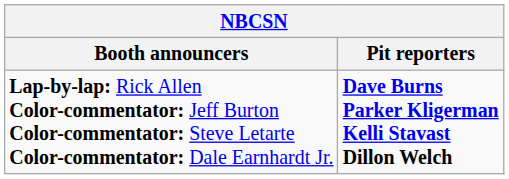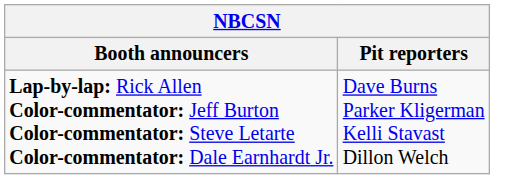 <table class="wikitable" style="font-size: 95%">
 <tr>
 <th colspan="2"><a href='#'>NBCSN</a></th>
 </tr>
 <tr>
 <th>Booth announcers</th>
 <th>Pit reporters</th>
 </tr>
 <tr>
 <td><strong>Lap-by-lap:</strong> <a href='#'>Rick Allen</a><br><strong>Color-commentator:</strong> <a href='#'>Jeff Burton</a><br><strong>Color-commentator:</strong> <a href='#'>Steve Letarte</a><br><strong>Color-commentator:</strong> <a href='#'>Dale Earnhardt Jr.</a></td>
-<td><strong><a href='#'>Dave Burns</a><br><a href='#'>Parker Kligerman</a><br><a href='#'>Kelli Stavast</a><br>Dillon Welch</strong></td>
+<td><a href='#'>Dave Burns</a><br><a href='#'>Parker Kligerman</a><br><a href='#'>Kelli Stavast</a><br>Dillon Welch</td>
 </tr>
 </table>
